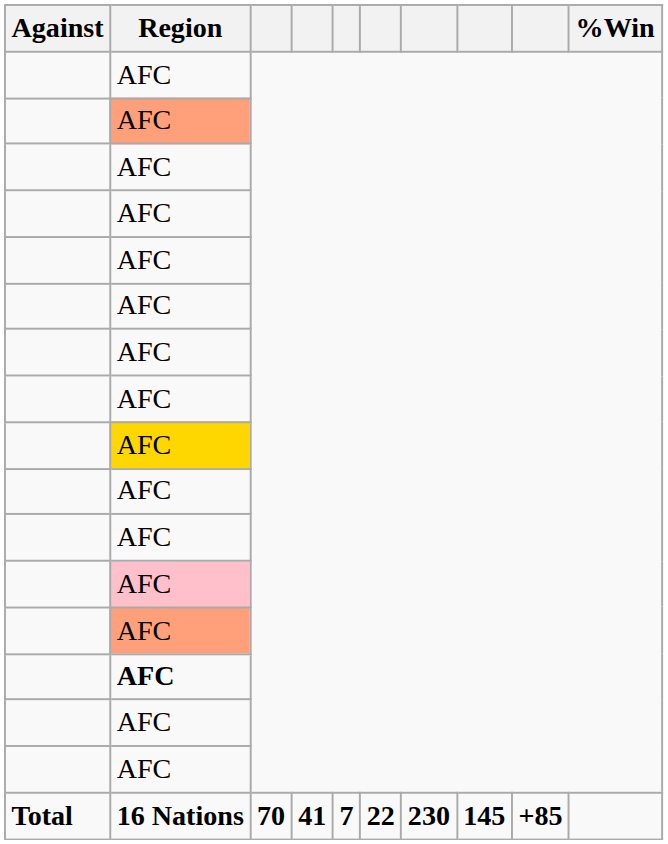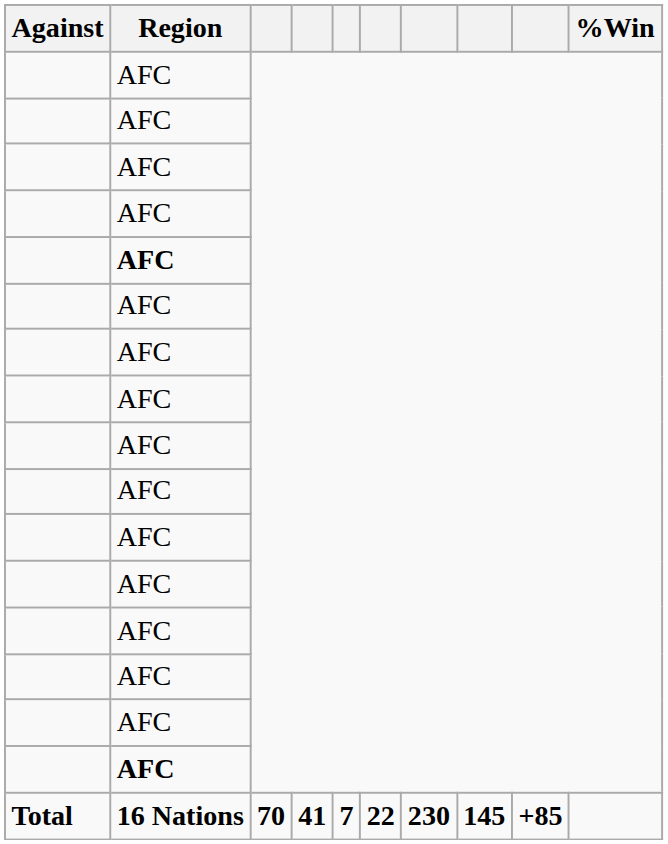 <table class="wikitable sortable" style="text-align: left;font-size:90%;">
 <tr>
 <th>Against</th>
 <th>Region</th>
 <th></th>
 <th></th>
 <th></th>
 <th></th>
 <th></th>
 <th></th>
 <th></th>
 <th>%Win</th>
 </tr>
 <tr>
 <td></td>
 <td>AFC<br></td>
 </tr>
 <tr>
 <td></td>
-<td style="background: lightsalmon;">AFC<br></td>
+<td>AFC<br></td>
+</tr>
+<tr>
+<td></td>
+<td>AFC<br></td>
+</tr>
+<tr>
+<td></td>
+<td>AFC<br></td>
+</tr>
+<tr>
+<td></td>
+<td><strong>AFC<br></strong></td>
 </tr>
 <tr>
 <td></td>
 <td>AFC<br></td>
 </tr>
 <tr>
 <td></td>
 <td>AFC<br></td>
 </tr>
 <tr>
 <td></td>
 <td>AFC<br></td>
 </tr>
 <tr>
 <td></td>
 <td>AFC<br></td>
 </tr>
 <tr>
 <td></td>
 <td>AFC<br></td>
 </tr>
 <tr>
 <td></td>
 <td>AFC<br></td>
 </tr>
 <tr>
 <td></td>
-<td style="background: gold;">AFC<br></td>
+<td>AFC<br></td>
 </tr>
 <tr>
 <td></td>
 <td>AFC<br></td>
 </tr>
 <tr>
 <td></td>
 <td>AFC<br></td>
 </tr>
 <tr>
 <td></td>
-<td style="background: pink;">AFC<br></td>
-</tr>
-<tr>
-<td></td>
-<td style="background: lightsalmon;">AFC<br></td>
+<td>AFC<br></td>
 </tr>
 <tr>
 <td></td>
 <td><strong>AFC<br></strong></td>
-</tr>
-<tr>
-<td></td>
-<td>AFC<br></td>
-</tr>
-<tr>
-<td></td>
-<td>AFC<br></td>
 </tr>
 <tr class="sortbottom">
 <td align="left"><strong>Total</strong></td>
 <td><strong>16 Nations</strong></td>
 <td><strong>70</strong></td>
 <td><strong>41</strong></td>
 <td><strong>7</strong></td>
 <td><strong>22</strong></td>
 <td><strong>230</strong></td>
 <td><strong>145</strong></td>
 <td><strong>+85</strong></td>
 <td></td>
 </tr>
 </table>
